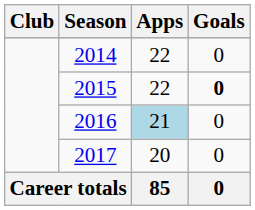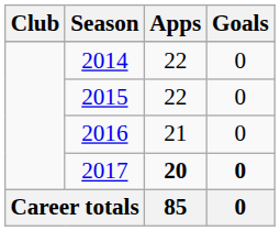 <table class="wikitable" style="text-align: center;">
 <tr>
 <th>Club</th>
 <th>Season</th>
 <th>Apps</th>
 <th>Goals</th>
 </tr>
 <tr>
 </tr>
 <tr>
 <td rowspan="4" !!><a href='#'></a></td>
 <td><a href='#'>2014</a></td>
 <td>22</td>
 <td>0</td>
 </tr>
 <tr>
 <td><a href='#'>2015</a></td>
 <td>22</td>
-<td><strong>0</strong></td>
+<td>0</td>
 </tr>
 <tr>
 <td><a href='#'>2016</a></td>
-<td style="background: lightblue;">21</td>
+<td>21</td>
 <td>0</td>
 </tr>
 <tr>
 <td><a href='#'>2017</a></td>
-<td>20</td>
-<td>0</td>
+<td><strong>20</strong></td>
+<td><strong>0</strong></td>
 </tr>
 <tr>
 <th colspan="2">Career totals</th>
 <th>85</th>
 <th>0</th>
 </tr>
 </table>
